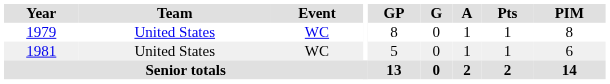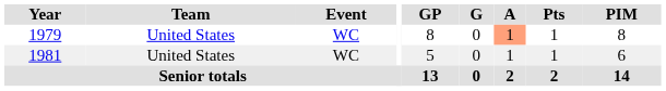 <table border="0" cellpadding="1" cellspacing="0" ID="Table3" style="text-align:center; width:40em">
 <tr bgcolor="#e0e0e0">
 <th>Year</th>
 <th>Team</th>
 <th>Event</th>
 <th rowspan="102" bgcolor="#ffffff"></th>
 <th>GP</th>
 <th>G</th>
 <th>A</th>
 <th>Pts</th>
 <th>PIM</th>
 </tr>
 <tr>
 <td><a href='#'>1979</a></td>
 <td><a href='#'>United States</a></td>
 <td><a href='#'>WC</a></td>
 <td>8</td>
 <td>0</td>
-<td>1</td>
+<td style="background: lightsalmon;">1</td>
 <td>1</td>
 <td>8</td>
 </tr>
 <tr bgcolor="#f0f0f0">
 <td><a href='#'>1981</a></td>
 <td>United States</td>
 <td>WC</td>
 <td>5</td>
 <td>0</td>
 <td>1</td>
 <td>1</td>
 <td>6</td>
 </tr>
 <tr bgcolor="#e0e0e0">
 <th colspan="4">Senior totals</th>
 <th>13</th>
 <th>0</th>
 <th>2</th>
 <th>2</th>
 <th>14</th>
 </tr>
 </table>
